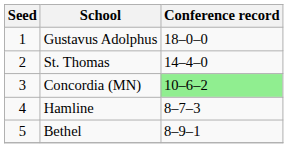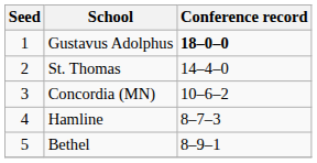 <table class="wikitable">
 <tr>
 <th>Seed</th>
 <th>School</th>
 <th>Conference record</th>
 </tr>
 <tr>
 <td align=center>1</td>
 <td>Gustavus Adolphus</td>
-<td>18–0–0</td>
+<td><strong>18–0–0</strong></td>
 </tr>
 <tr>
 <td align=center>2</td>
 <td>St. Thomas</td>
 <td>14–4–0</td>
 </tr>
 <tr>
 <td align=center>3</td>
 <td>Concordia (MN)</td>
-<td style="background: lightgreen;">10–6–2</td>
+<td>10–6–2</td>
 </tr>
 <tr>
 <td align=center>4</td>
 <td>Hamline</td>
 <td>8–7–3</td>
 </tr>
 <tr>
 <td align=center>5</td>
 <td>Bethel</td>
 <td>8–9–1</td>
 </tr>
 <tr>
 </tr>
 </table>
